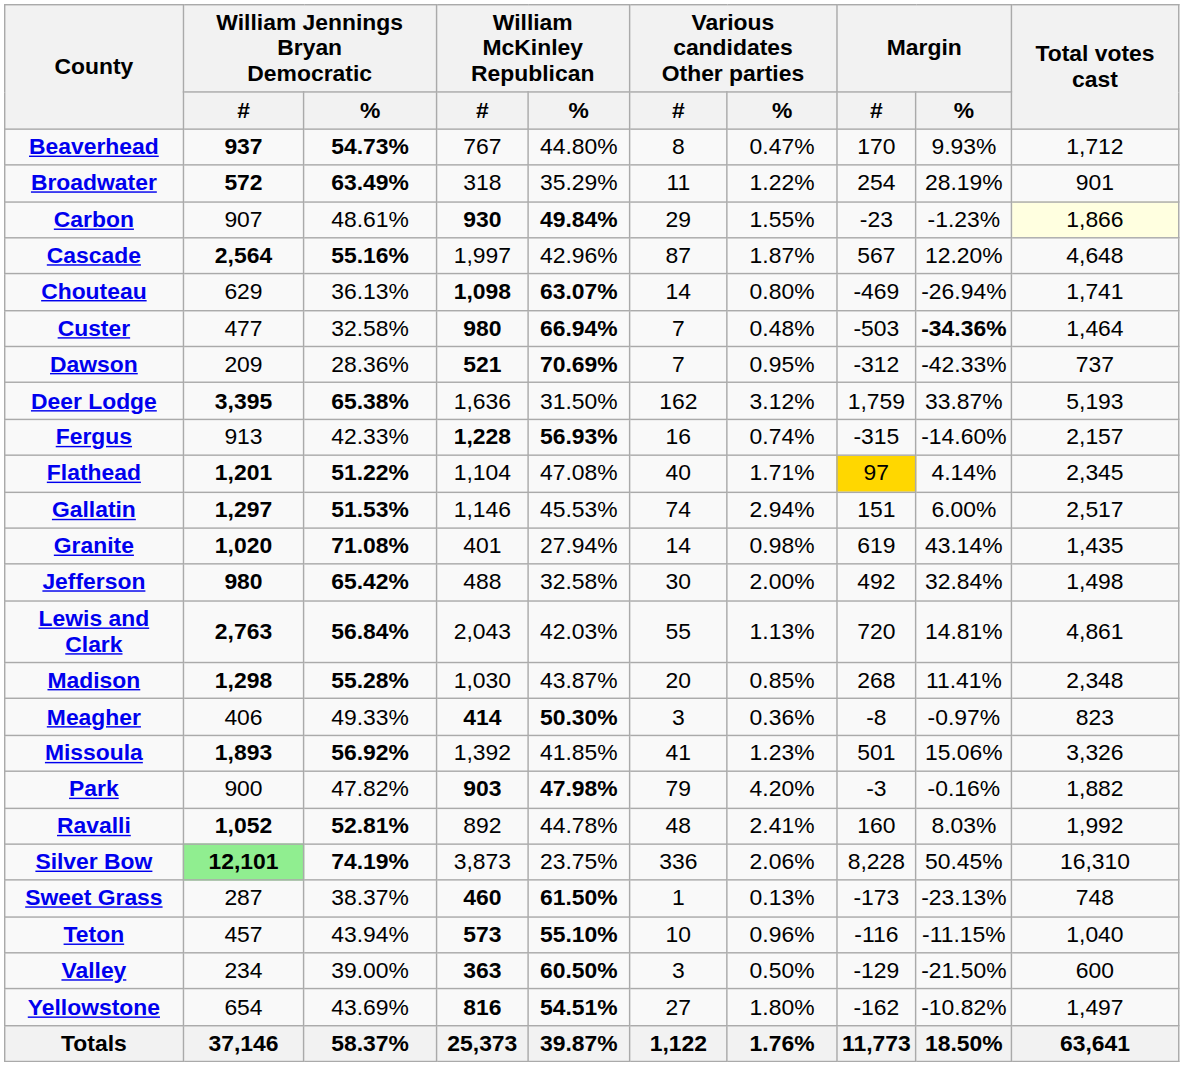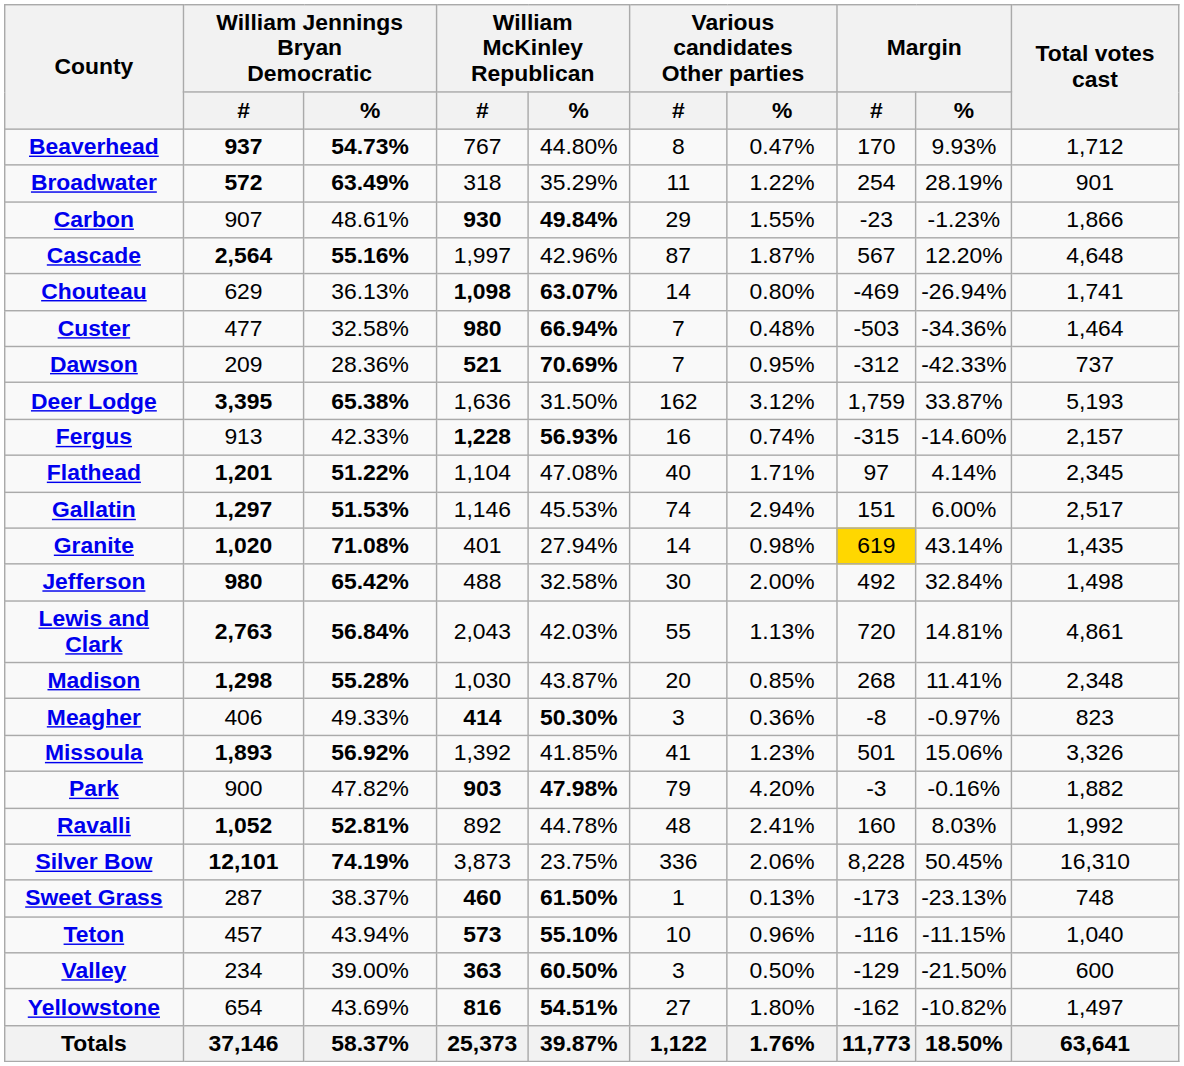 <table width="65%"  class="wikitable sortable" style="text-align:center">
 <tr>
 <th colspan="1" rowspan="2">County</th>
 <th style="text-align:center;" colspan="2">William Jennings Bryan<br>Democratic</th>
 <th style="text-align:center;" colspan="2">William McKinley<br>Republican</th>
 <th style="text-align:center;" colspan="2">Various candidates<br>Other parties</th>
 <th style="text-align:center;" colspan="2">Margin</th>
 <th colspan="1" rowspan="2" style="text-align:center;">Total votes cast</th>
 </tr>
 <tr>
 <th style="text-align:center;" data-sort-type="number">#</th>
 <th style="text-align:center;" data-sort-type="number">%</th>
 <th style="text-align:center;" data-sort-type="number">#</th>
 <th style="text-align:center;" data-sort-type="number">%</th>
 <th style="text-align:center;" data-sort-type="number">#</th>
 <th style="text-align:center;" data-sort-type="number">%</th>
 <th style="text-align:center;" data-sort-type="number">#</th>
 <th style="text-align:center;" data-sort-type="number">%</th>
 </tr>
 <tr style="text-align:center;">
 <td><strong><a href='#'>Beaverhead</a></strong></td>
 <td><strong>937</strong></td>
 <td><strong>54.73%</strong></td>
 <td>767</td>
 <td>44.80%</td>
 <td>8</td>
 <td>0.47%</td>
 <td>170</td>
 <td>9.93%</td>
 <td>1,712</td>
 </tr>
 <tr style="text-align:center;">
 <td><strong><a href='#'>Broadwater</a></strong></td>
 <td><strong>572</strong></td>
 <td><strong>63.49%</strong></td>
 <td>318</td>
 <td>35.29%</td>
 <td>11</td>
 <td>1.22%</td>
 <td>254</td>
 <td>28.19%</td>
 <td>901</td>
 </tr>
 <tr style="text-align:center;">
 <td><strong><a href='#'>Carbon</a></strong></td>
 <td>907</td>
 <td>48.61%</td>
 <td><strong>930</strong></td>
 <td><strong>49.84%</strong></td>
 <td>29</td>
 <td>1.55%</td>
 <td>-23</td>
 <td>-1.23%</td>
-<td style="background: lightyellow;">1,866</td>
+<td>1,866</td>
 </tr>
 <tr style="text-align:center;">
 <td><strong><a href='#'>Cascade</a></strong></td>
 <td><strong>2,564</strong></td>
 <td><strong>55.16%</strong></td>
 <td>1,997</td>
 <td>42.96%</td>
 <td>87</td>
 <td>1.87%</td>
 <td>567</td>
 <td>12.20%</td>
 <td>4,648</td>
 </tr>
 <tr style="text-align:center;">
 <td><strong><a href='#'>Chouteau</a></strong></td>
 <td>629</td>
 <td>36.13%</td>
 <td><strong>1,098</strong></td>
 <td><strong>63.07%</strong></td>
 <td>14</td>
 <td>0.80%</td>
 <td>-469</td>
 <td>-26.94%</td>
 <td>1,741</td>
 </tr>
 <tr style="text-align:center;">
 <td><strong><a href='#'>Custer</a></strong></td>
 <td>477</td>
 <td>32.58%</td>
 <td><strong>980</strong></td>
 <td><strong>66.94%</strong></td>
 <td>7</td>
 <td>0.48%</td>
 <td>-503</td>
-<td><strong>-34.36%</strong></td>
+<td>-34.36%</td>
 <td>1,464</td>
 </tr>
 <tr style="text-align:center;">
 <td><strong><a href='#'>Dawson</a></strong></td>
 <td>209</td>
 <td>28.36%</td>
 <td><strong>521</strong></td>
 <td><strong>70.69%</strong></td>
 <td>7</td>
 <td>0.95%</td>
 <td>-312</td>
 <td>-42.33%</td>
 <td>737</td>
 </tr>
 <tr style="text-align:center;">
 <td><strong><a href='#'>Deer Lodge</a></strong></td>
 <td><strong>3,395</strong></td>
 <td><strong>65.38%</strong></td>
 <td>1,636</td>
 <td>31.50%</td>
 <td>162</td>
 <td>3.12%</td>
 <td>1,759</td>
 <td>33.87%</td>
 <td>5,193</td>
 </tr>
 <tr style="text-align:center;">
 <td><strong><a href='#'>Fergus</a></strong></td>
 <td>913</td>
 <td>42.33%</td>
 <td><strong>1,228</strong></td>
 <td><strong>56.93%</strong></td>
 <td>16</td>
 <td>0.74%</td>
 <td>-315</td>
 <td>-14.60%</td>
 <td>2,157</td>
 </tr>
 <tr style="text-align:center;">
 <td><strong><a href='#'>Flathead</a></strong></td>
 <td><strong>1,201</strong></td>
 <td><strong>51.22%</strong></td>
 <td>1,104</td>
 <td>47.08%</td>
 <td>40</td>
 <td>1.71%</td>
-<td style="background: gold;">97</td>
+<td>97</td>
 <td>4.14%</td>
 <td>2,345</td>
 </tr>
 <tr style="text-align:center;">
 <td><strong><a href='#'>Gallatin</a></strong></td>
 <td><strong>1,297</strong></td>
 <td><strong>51.53%</strong></td>
 <td>1,146</td>
 <td>45.53%</td>
 <td>74</td>
 <td>2.94%</td>
 <td>151</td>
 <td>6.00%</td>
 <td>2,517</td>
 </tr>
 <tr style="text-align:center;">
 <td><strong><a href='#'>Granite</a></strong></td>
 <td><strong>1,020</strong></td>
 <td><strong>71.08%</strong></td>
 <td>401</td>
 <td>27.94%</td>
 <td>14</td>
 <td>0.98%</td>
-<td>619</td>
+<td style="background: gold;">619</td>
 <td>43.14%</td>
 <td>1,435</td>
 </tr>
 <tr style="text-align:center;">
 <td><strong><a href='#'>Jefferson</a></strong></td>
 <td><strong>980</strong></td>
 <td><strong>65.42%</strong></td>
 <td>488</td>
 <td>32.58%</td>
 <td>30</td>
 <td>2.00%</td>
 <td>492</td>
 <td>32.84%</td>
 <td>1,498</td>
 </tr>
 <tr style="text-align:center;">
 <td><strong><a href='#'>Lewis and Clark</a></strong></td>
 <td><strong>2,763</strong></td>
 <td><strong>56.84%</strong></td>
 <td>2,043</td>
 <td>42.03%</td>
 <td>55</td>
 <td>1.13%</td>
 <td>720</td>
 <td>14.81%</td>
 <td>4,861</td>
 </tr>
 <tr style="text-align:center;">
 <td><strong><a href='#'>Madison</a></strong></td>
 <td><strong>1,298</strong></td>
 <td><strong>55.28%</strong></td>
 <td>1,030</td>
 <td>43.87%</td>
 <td>20</td>
 <td>0.85%</td>
 <td>268</td>
 <td>11.41%</td>
 <td>2,348</td>
 </tr>
 <tr style="text-align:center;">
 <td><strong><a href='#'>Meagher</a></strong></td>
 <td>406</td>
 <td>49.33%</td>
 <td><strong>414</strong></td>
 <td><strong>50.30%</strong></td>
 <td>3</td>
 <td>0.36%</td>
 <td>-8</td>
 <td>-0.97%</td>
 <td>823</td>
 </tr>
 <tr style="text-align:center;">
 <td><strong><a href='#'>Missoula</a></strong></td>
 <td><strong>1,893</strong></td>
 <td><strong>56.92%</strong></td>
 <td>1,392</td>
 <td>41.85%</td>
 <td>41</td>
 <td>1.23%</td>
 <td>501</td>
 <td>15.06%</td>
 <td>3,326</td>
 </tr>
 <tr style="text-align:center;">
 <td><strong><a href='#'>Park</a></strong></td>
 <td>900</td>
 <td>47.82%</td>
 <td><strong>903</strong></td>
 <td><strong>47.98%</strong></td>
 <td>79</td>
 <td>4.20%</td>
 <td>-3</td>
 <td>-0.16%</td>
 <td>1,882</td>
 </tr>
 <tr style="text-align:center;">
 <td><strong><a href='#'>Ravalli</a></strong></td>
 <td><strong>1,052</strong></td>
 <td><strong>52.81%</strong></td>
 <td>892</td>
 <td>44.78%</td>
 <td>48</td>
 <td>2.41%</td>
 <td>160</td>
 <td>8.03%</td>
 <td>1,992</td>
 </tr>
 <tr style="text-align:center;">
 <td><strong><a href='#'>Silver Bow</a></strong></td>
-<td style="background: lightgreen;"><strong>12,101</strong></td>
+<td><strong>12,101</strong></td>
 <td><strong>74.19%</strong></td>
 <td>3,873</td>
 <td>23.75%</td>
 <td>336</td>
 <td>2.06%</td>
 <td>8,228</td>
 <td>50.45%</td>
 <td>16,310</td>
 </tr>
 <tr style="text-align:center;">
 <td><strong><a href='#'>Sweet Grass</a></strong></td>
 <td>287</td>
 <td>38.37%</td>
 <td><strong>460</strong></td>
 <td><strong>61.50%</strong></td>
 <td>1</td>
 <td>0.13%</td>
 <td>-173</td>
 <td>-23.13%</td>
 <td>748</td>
 </tr>
 <tr style="text-align:center;">
 <td><strong><a href='#'>Teton</a></strong></td>
 <td>457</td>
 <td>43.94%</td>
 <td><strong>573</strong></td>
 <td><strong>55.10%</strong></td>
 <td>10</td>
 <td>0.96%</td>
 <td>-116</td>
 <td>-11.15%</td>
 <td>1,040</td>
 </tr>
 <tr style="text-align:center;">
 <td><strong><a href='#'>Valley</a></strong></td>
 <td>234</td>
 <td>39.00%</td>
 <td><strong>363</strong></td>
 <td><strong>60.50%</strong></td>
 <td>3</td>
 <td>0.50%</td>
 <td>-129</td>
 <td>-21.50%</td>
 <td>600</td>
 </tr>
 <tr style="text-align:center;">
 <td><strong><a href='#'>Yellowstone</a></strong></td>
 <td>654</td>
 <td>43.69%</td>
 <td><strong>816</strong></td>
 <td><strong>54.51%</strong></td>
 <td>27</td>
 <td>1.80%</td>
 <td>-162</td>
 <td>-10.82%</td>
 <td>1,497</td>
 </tr>
 <tr style="text-align:center;">
 <th>Totals</th>
 <th>37,146</th>
 <th>58.37%</th>
 <th>25,373</th>
 <th>39.87%</th>
 <th>1,122</th>
 <th>1.76%</th>
 <th>11,773</th>
 <th>18.50%</th>
 <th>63,641</th>
 </tr>
 </table>
